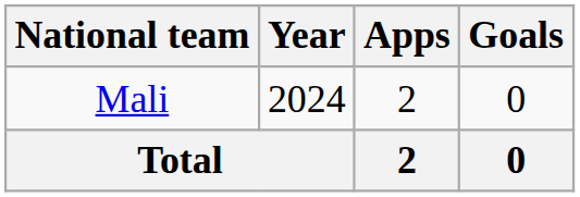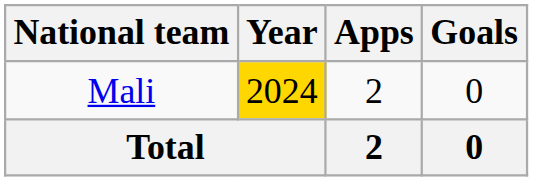 <table class="wikitable" style="text-align: center;">
 <tr>
 <th>National team</th>
 <th>Year</th>
 <th>Apps</th>
 <th>Goals</th>
 </tr>
 <tr>
 <td><a href='#'>Mali</a></td>
-<td>2024</td>
+<td style="background: gold;">2024</td>
 <td>2</td>
 <td>0</td>
 </tr>
 <tr>
 <th colspan="2">Total</th>
 <th>2</th>
 <th>0</th>
 </tr>
 </table>
